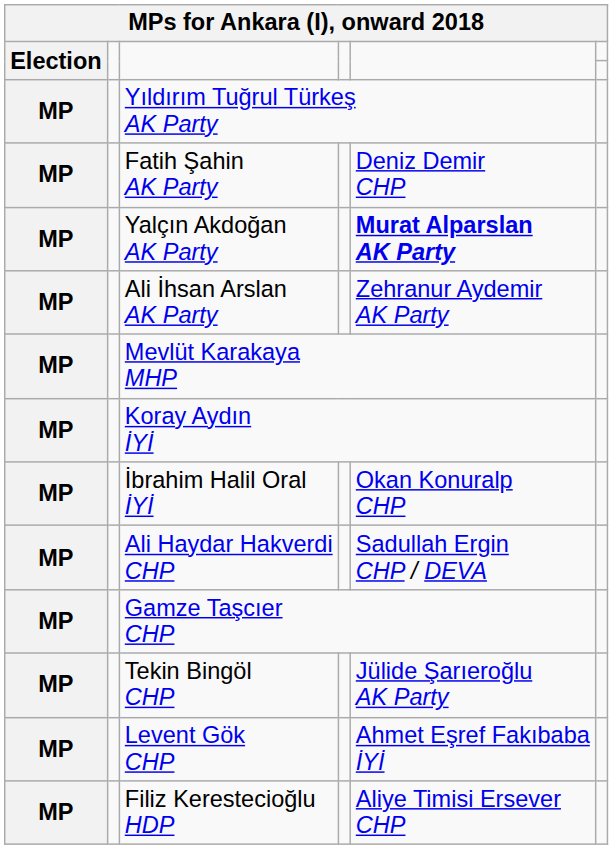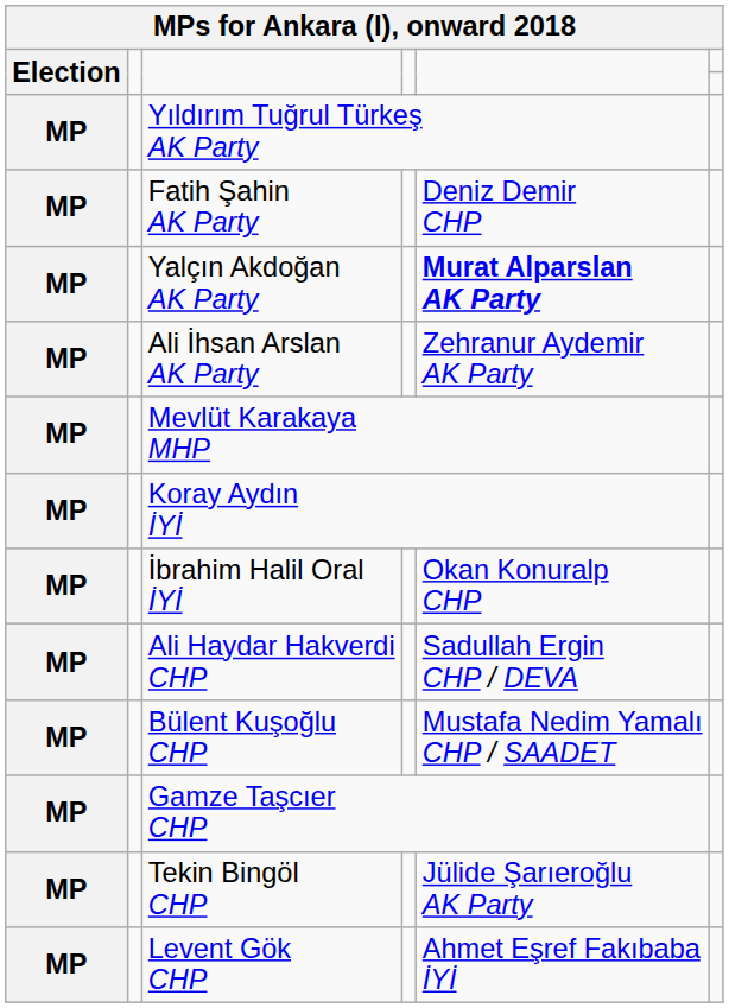 <table class="wikitable">
 <tr>
 <th colspan = 6>MPs for Ankara (I), onward 2018</th>
 </tr>
 <tr>
 <th rowspan = 2>Election</th>
 <td rowspan="2" style="width:1px;"></td>
 <td rowspan = 2></td>
 <td rowspan="2" style="width:1px;"></td>
 <td rowspan = 2></td>
 <td></td>
 </tr>
 <tr>
 <td></td>
 </tr>
 <tr>
 <th>MP</th>
 <td width=1px style="background-color: "></td>
 <td colspan = 3><a href='#'>Yıldırım Tuğrul Türkeş</a><br><em><a href='#'>AK Party</a></em></td>
 <td width=1px style="background-color: "></td>
 </tr>
 <tr>
 <th>MP</th>
 <td width=1px style="background-color: "></td>
 <td colspan = 1>Fatih Şahin<br><em><a href='#'>AK Party</a></em></td>
 <td width=1px style="background-color: "></td>
 <td colspan = 1><a href='#'>Deniz Demir</a><br><em><a href='#'>CHP</a></em></td>
 <td width=1px style="background-color: "></td>
 </tr>
 <tr>
 <th>MP</th>
 <td width=1px style="background-color: "></td>
 <td colspan = 1>Yalçın Akdoğan<br><em><a href='#'>AK Party</a></em></td>
 <td width=1px style="background-color: "></td>
 <td colspan = 1><strong><a href='#'>Murat Alparslan</a><br><em><a href='#'>AK Party</a></em></strong></td>
 <td width=1px style="background-color: "></td>
 </tr>
 <tr>
 <th>MP</th>
 <td width=1px style="background-color: "></td>
 <td colspan = 1>Ali İhsan Arslan<br><em><a href='#'>AK Party</a></em></td>
 <td width=1px style="background-color: "></td>
 <td colspan = 1><a href='#'>Zehranur Aydemir</a><br><em><a href='#'>AK Party</a></em></td>
 <td width=1px style="background-color: "></td>
 </tr>
 <tr>
 <th>MP</th>
 <td width=1px style="background-color: "></td>
 <td colspan = 3><a href='#'>Mevlüt Karakaya</a><br><em><a href='#'>MHP</a></em></td>
 <td width=1px style="background-color: "></td>
 </tr>
 <tr>
 <th>MP</th>
 <td width=1px style="background-color: "></td>
 <td colspan = 3><a href='#'>Koray Aydın</a><br><em><a href='#'>İYİ</a></em></td>
 <td width=1px style="background-color: "></td>
 </tr>
 <tr>
 <th>MP</th>
 <td width=1px style="background-color: "></td>
 <td colspan = 1>İbrahim Halil Oral<br><em><a href='#'>İYİ</a></em></td>
 <td width=1px style="background-color: "></td>
 <td colspan = 1><a href='#'>Okan Konuralp</a><br><em><a href='#'>CHP</a></em></td>
 <td width=1px style="background-color: "></td>
 </tr>
 <tr>
 <th>MP</th>
 <td width=1px style="background-color: "></td>
 <td colspan = 1><a href='#'>Ali Haydar Hakverdi</a><br><em><a href='#'>CHP</a></em></td>
 <td width=1px style="background-color: "></td>
 <td colspan = 1><a href='#'>Sadullah Ergin</a><br><em><a href='#'>CHP</a> / <a href='#'>DEVA</a></em></td>
 <td width=1px style="background-color: "></td>
 </tr>
 <tr>
 <th>MP</th>
 <td width=1px style="background-color: "></td>
+<td colspan = 1><a href='#'>Bülent Kuşoğlu</a><br><em><a href='#'>CHP</a></em></td>
+<td width=1px style="background-color: "></td>
+<td colspan = 1><a href='#'>Mustafa Nedim Yamalı</a><br><em><a href='#'>CHP</a> / <a href='#'>SAADET</a></em></td>
+<td width=1px style="background-color: "></td>
+</tr>
+<tr>
+<th>MP</th>
+<td width=1px style="background-color: "></td>
 <td colspan = 3><a href='#'>Gamze Taşcıer</a><br><em><a href='#'>CHP</a></em></td>
 <td width=1px style="background-color: "></td>
 </tr>
 <tr>
 <th>MP</th>
 <td width=1px style="background-color: "></td>
 <td colspan = 1>Tekin Bingöl<br><em><a href='#'>CHP</a></em></td>
 <td width=1px style="background-color: "></td>
 <td colspan = 1><a href='#'>Jülide Şarıeroğlu</a><br><em><a href='#'>AK Party</a></em></td>
 <td width=1px style="background-color: "></td>
 </tr>
 <tr>
 <th>MP</th>
 <td width=1px style="background-color: "></td>
 <td colspan = 1><a href='#'>Levent Gök</a><br><em><a href='#'>CHP</a></em></td>
 <td width=1px style="background-color: "></td>
 <td colspan = 1><a href='#'>Ahmet Eşref Fakıbaba</a><br><em><a href='#'>İYİ</a></em></td>
 <td width=1px style="background-color: "></td>
 </tr>
-<tr>
-<th>MP</th>
-<td width=1px style="background-color: "></td>
-<td colspan = 1>Filiz Kerestecioğlu<br><em><a href='#'>HDP</a></em></td>
-<td width=1px style="background-color: "></td>
-<td colspan = 1><a href='#'>Aliye Timisi Ersever</a><br><em><a href='#'>CHP</a></em></td>
-<td width=1px style="background-color: "></td>
-</tr>
 </table>
